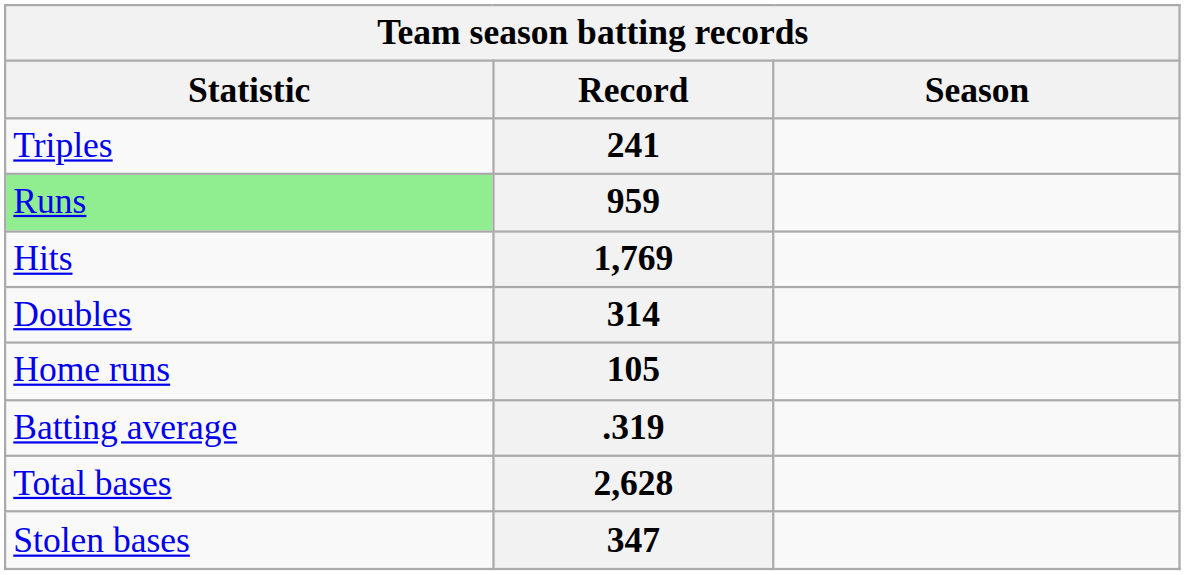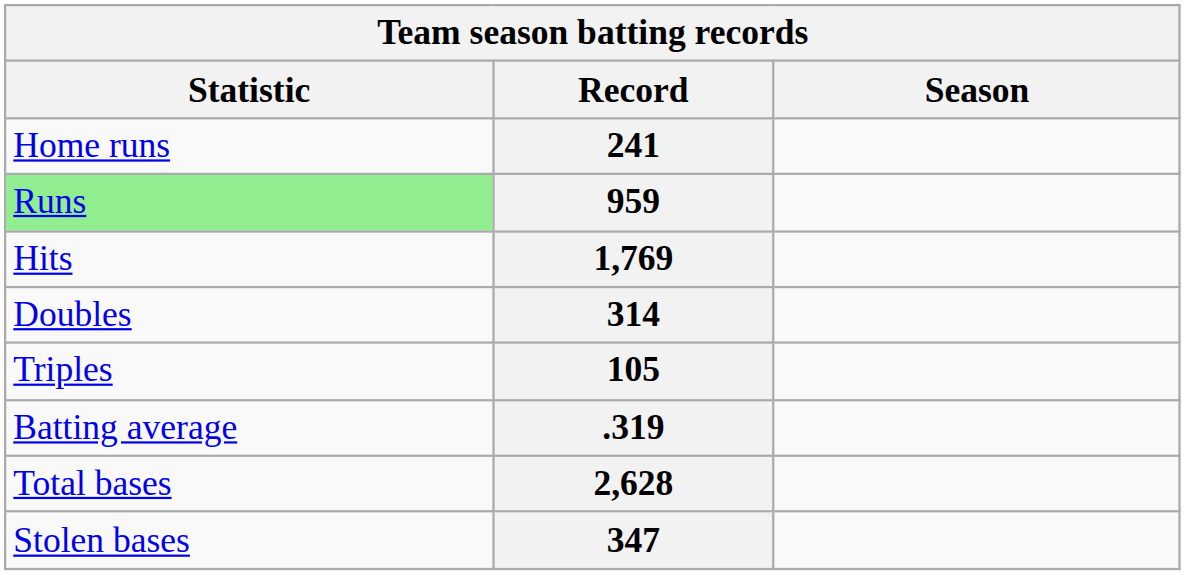 <table class="wikitable sortable" style="text-align:left" width="60%">
 <tr>
 <th colspan=5>Team season batting records</th>
 </tr>
 <tr>
 <th scope="col" width=18%>Statistic</th>
 <th scope="col" class="unsortable" width=10%>Record</th>
 <th scope="col" width=15%>Season</th>
 </tr>
 <tr>
-<td><a href='#'>Triples</a></td>
+<td><a href='#'>Home runs</a></td>
 <th scope="row">241</th>
 <td></td>
 </tr>
 <tr>
 <td style="background: lightgreen;"><a href='#'>Runs</a></td>
 <th scope="row">959</th>
 <td></td>
 </tr>
 <tr>
 <td><a href='#'>Hits</a></td>
 <th scope="row">1,769</th>
 <td></td>
 </tr>
 <tr>
 <td><a href='#'>Doubles</a></td>
 <th scope="row">314</th>
 <td></td>
 </tr>
 <tr>
-<td><a href='#'>Home runs</a></td>
+<td><a href='#'>Triples</a></td>
 <th scope="row">105</th>
 <td></td>
 </tr>
 <tr>
 <td><a href='#'>Batting average</a></td>
 <th scope="row">.319</th>
 <td></td>
 </tr>
 <tr>
 <td><a href='#'>Total bases</a></td>
 <th scope="row">2,628</th>
 <td></td>
 </tr>
 <tr>
 <td><a href='#'>Stolen bases</a></td>
 <th scope="row">347</th>
 <td></td>
 </tr>
 </table>
